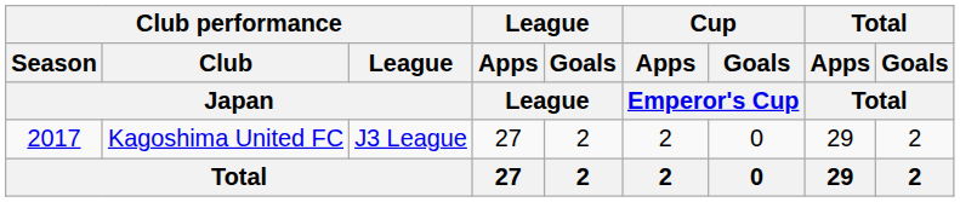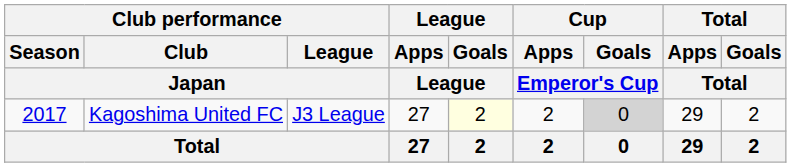 <table class="wikitable" style="text-align:center;">
 <tr>
 <th colspan=3>Club performance</th>
 <th colspan=2>League</th>
 <th colspan=2>Cup</th>
 <th colspan=2>Total</th>
 </tr>
 <tr>
 <th>Season</th>
 <th>Club</th>
 <th>League</th>
 <th>Apps</th>
 <th>Goals</th>
 <th>Apps</th>
 <th>Goals</th>
 <th>Apps</th>
 <th>Goals</th>
 </tr>
 <tr>
 <th colspan=3>Japan</th>
 <th colspan=2>League</th>
 <th colspan=2><a href='#'>Emperor's Cup</a></th>
 <th colspan=2>Total</th>
 </tr>
 <tr>
 <td><a href='#'>2017</a></td>
 <td rowspan="1"><a href='#'>Kagoshima United FC</a></td>
 <td rowspan="1"><a href='#'>J3 League</a></td>
 <td>27</td>
+<td style="background: lightyellow;">2</td>
 <td>2</td>
-<td>2</td>
-<td>0</td>
+<td style="background: lightgrey;">0</td>
 <td>29</td>
 <td>2</td>
 </tr>
 <tr>
 <th colspan=3>Total</th>
 <th>27</th>
 <th>2</th>
 <th>2</th>
 <th>0</th>
 <th>29</th>
 <th>2</th>
 </tr>
 </table>
